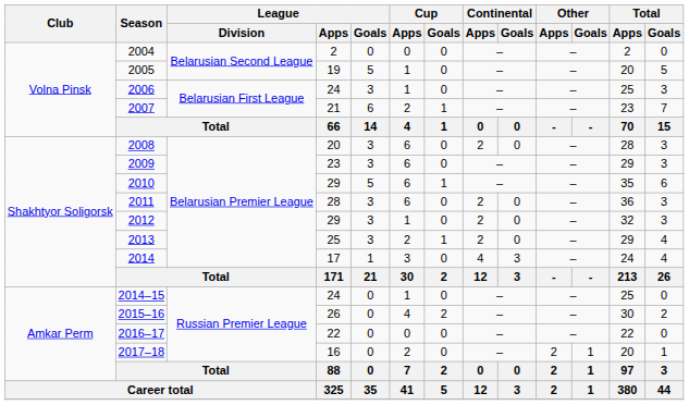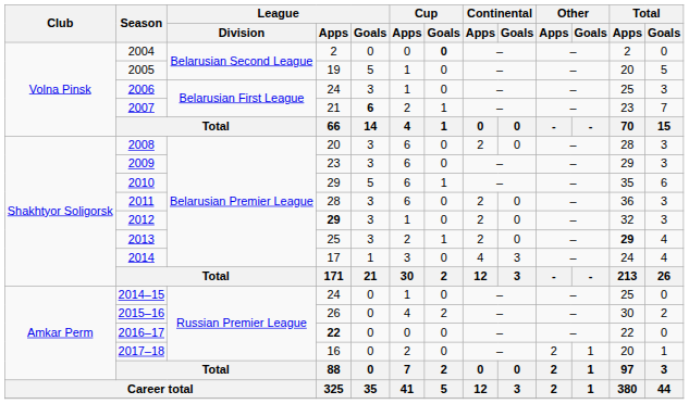 <table class="wikitable" style="text-align: center;">
 <tr>
 <th rowspan=2>Club</th>
 <th rowspan=2>Season</th>
 <th colspan=3>League</th>
 <th colspan=2>Cup</th>
 <th colspan=2>Continental</th>
 <th colspan=2>Other</th>
 <th colspan=2>Total</th>
 </tr>
 <tr>
 <th>Division</th>
 <th>Apps</th>
 <th>Goals</th>
 <th>Apps</th>
 <th>Goals</th>
 <th>Apps</th>
 <th>Goals</th>
 <th>Apps</th>
 <th>Goals</th>
 <th>Apps</th>
 <th>Goals</th>
 </tr>
 <tr>
 <td rowspan=5><a href='#'>Volna Pinsk</a></td>
 <td>2004</td>
 <td rowspan=2><a href='#'>Belarusian Second League</a></td>
 <td>2</td>
 <td>0</td>
 <td>0</td>
-<td>0</td>
+<td><strong>0</strong></td>
 <td colspan=2>–</td>
 <td colspan=2>–</td>
 <td>2</td>
 <td>0</td>
 </tr>
 <tr>
 <td>2005</td>
 <td>19</td>
 <td>5</td>
 <td>1</td>
 <td>0</td>
 <td colspan=2>–</td>
 <td colspan=2>–</td>
 <td>20</td>
 <td>5</td>
 </tr>
 <tr>
 <td><a href='#'>2006</a></td>
 <td rowspan=2><a href='#'>Belarusian First League</a></td>
 <td>24</td>
 <td>3</td>
 <td>1</td>
 <td>0</td>
 <td colspan=2>–</td>
 <td colspan=2>–</td>
 <td>25</td>
 <td>3</td>
 </tr>
 <tr>
 <td><a href='#'>2007</a></td>
 <td>21</td>
-<td>6</td>
+<td><strong>6</strong></td>
 <td>2</td>
 <td>1</td>
 <td colspan=2>–</td>
 <td colspan=2>–</td>
 <td>23</td>
 <td>7</td>
 </tr>
 <tr>
 <th colspan=2>Total</th>
 <th>66</th>
 <th>14</th>
 <th>4</th>
 <th>1</th>
 <th>0</th>
 <th>0</th>
 <th>-</th>
 <th>-</th>
 <th>70</th>
 <th>15</th>
 </tr>
 <tr>
 <td rowspan=8><a href='#'>Shakhtyor Soligorsk</a></td>
 <td><a href='#'>2008</a></td>
 <td rowspan=7><a href='#'>Belarusian Premier League</a></td>
 <td>20</td>
 <td>3</td>
 <td>6</td>
 <td>0</td>
 <td>2</td>
 <td>0</td>
 <td colspan=2>–</td>
 <td>28</td>
 <td>3</td>
 </tr>
 <tr>
 <td><a href='#'>2009</a></td>
 <td>23</td>
 <td>3</td>
 <td>6</td>
 <td>0</td>
 <td colspan=2>–</td>
 <td colspan=2>–</td>
 <td>29</td>
 <td>3</td>
 </tr>
 <tr>
 <td><a href='#'>2010</a></td>
 <td>29</td>
 <td>5</td>
 <td>6</td>
 <td>1</td>
 <td colspan=2>–</td>
 <td colspan=2>–</td>
 <td>35</td>
 <td>6</td>
 </tr>
 <tr>
 <td><a href='#'>2011</a></td>
 <td>28</td>
 <td>3</td>
 <td>6</td>
 <td>0</td>
 <td>2</td>
 <td>0</td>
 <td colspan=2>–</td>
 <td>36</td>
 <td>3</td>
 </tr>
 <tr>
 <td><a href='#'>2012</a></td>
-<td>29</td>
+<td><strong>29</strong></td>
 <td>3</td>
 <td>1</td>
 <td>0</td>
 <td>2</td>
 <td>0</td>
 <td colspan=2>–</td>
 <td>32</td>
 <td>3</td>
 </tr>
 <tr>
 <td><a href='#'>2013</a></td>
 <td>25</td>
 <td>3</td>
 <td>2</td>
 <td>1</td>
 <td>2</td>
 <td>0</td>
 <td colspan=2>–</td>
-<td>29</td>
+<td><strong>29</strong></td>
 <td>4</td>
 </tr>
 <tr>
 <td><a href='#'>2014</a></td>
 <td>17</td>
 <td>1</td>
 <td>3</td>
 <td>0</td>
 <td>4</td>
 <td>3</td>
 <td colspan=2>–</td>
 <td>24</td>
 <td>4</td>
 </tr>
 <tr>
 <th colspan=2>Total</th>
 <th>171</th>
 <th>21</th>
 <th>30</th>
 <th>2</th>
 <th>12</th>
 <th>3</th>
 <th>-</th>
 <th>-</th>
 <th>213</th>
 <th>26</th>
 </tr>
 <tr>
 <td rowspan=5><a href='#'>Amkar Perm</a></td>
 <td><a href='#'>2014–15</a></td>
 <td rowspan=4><a href='#'>Russian Premier League</a></td>
 <td>24</td>
 <td>0</td>
 <td>1</td>
 <td>0</td>
 <td colspan=2>–</td>
 <td colspan=2>–</td>
 <td>25</td>
 <td>0</td>
 </tr>
 <tr>
 <td><a href='#'>2015–16</a></td>
 <td>26</td>
 <td>0</td>
 <td>4</td>
 <td>2</td>
 <td colspan=2>–</td>
 <td colspan=2>–</td>
 <td>30</td>
 <td>2</td>
 </tr>
 <tr>
 <td><a href='#'>2016–17</a></td>
-<td>22</td>
+<td><strong>22</strong></td>
 <td>0</td>
 <td>0</td>
 <td>0</td>
 <td colspan=2>–</td>
 <td colspan=2>–</td>
 <td>22</td>
 <td>0</td>
 </tr>
 <tr>
 <td><a href='#'>2017–18</a></td>
 <td>16</td>
 <td>0</td>
 <td>2</td>
 <td>0</td>
 <td colspan=2>–</td>
 <td>2</td>
 <td>1</td>
 <td>20</td>
 <td>1</td>
 </tr>
 <tr>
 <th colspan=2>Total</th>
 <th>88</th>
 <th>0</th>
 <th>7</th>
 <th>2</th>
 <th>0</th>
 <th>0</th>
 <th>2</th>
 <th>1</th>
 <th>97</th>
 <th>3</th>
 </tr>
 <tr>
 <th colspan=3>Career total</th>
 <th>325</th>
 <th>35</th>
 <th>41</th>
 <th>5</th>
 <th>12</th>
 <th>3</th>
 <th>2</th>
 <th>1</th>
 <th>380</th>
 <th>44</th>
 </tr>
 <tr>
 </tr>
 </table>
